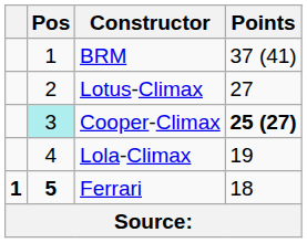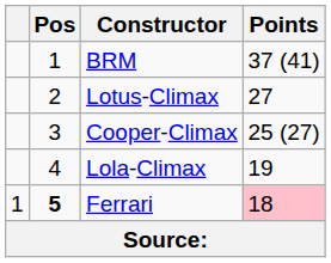 <table class="wikitable" style="font-size: 95%;">
 <tr>
 <th></th>
 <th>Pos</th>
 <th>Constructor</th>
 <th>Points</th>
 </tr>
 <tr>
 <td align="left"></td>
 <td align="center">1</td>
 <td> <a href='#'>BRM</a></td>
 <td align=left>37 (41)</td>
 </tr>
 <tr>
 <td align="left"></td>
 <td align="center">2</td>
 <td> <a href='#'>Lotus</a>-<a href='#'>Climax</a></td>
 <td align=left>27</td>
 </tr>
 <tr>
 <td align="left"></td>
-<td align="center" style="background: paleturquoise;">3</td>
+<td align="center">3</td>
 <td> <a href='#'>Cooper</a>-<a href='#'>Climax</a></td>
-<td align=left><strong>25 (27)</strong></td>
+<td align=left>25 (27)</td>
 </tr>
 <tr>
 <td align="left"></td>
 <td align="center">4</td>
 <td> <a href='#'>Lola</a>-<a href='#'>Climax</a></td>
 <td align=left>19</td>
 </tr>
 <tr>
-<td align="left"><strong> 1</strong></td>
+<td align="left"> 1</td>
 <td align="center"><strong>5</strong></td>
 <td> <a href='#'>Ferrari</a></td>
-<td align=left>18</td>
+<td align=left style="background: pink;">18</td>
 </tr>
 <tr>
 <th colspan=4>Source: </th>
 </tr>
 </table>
